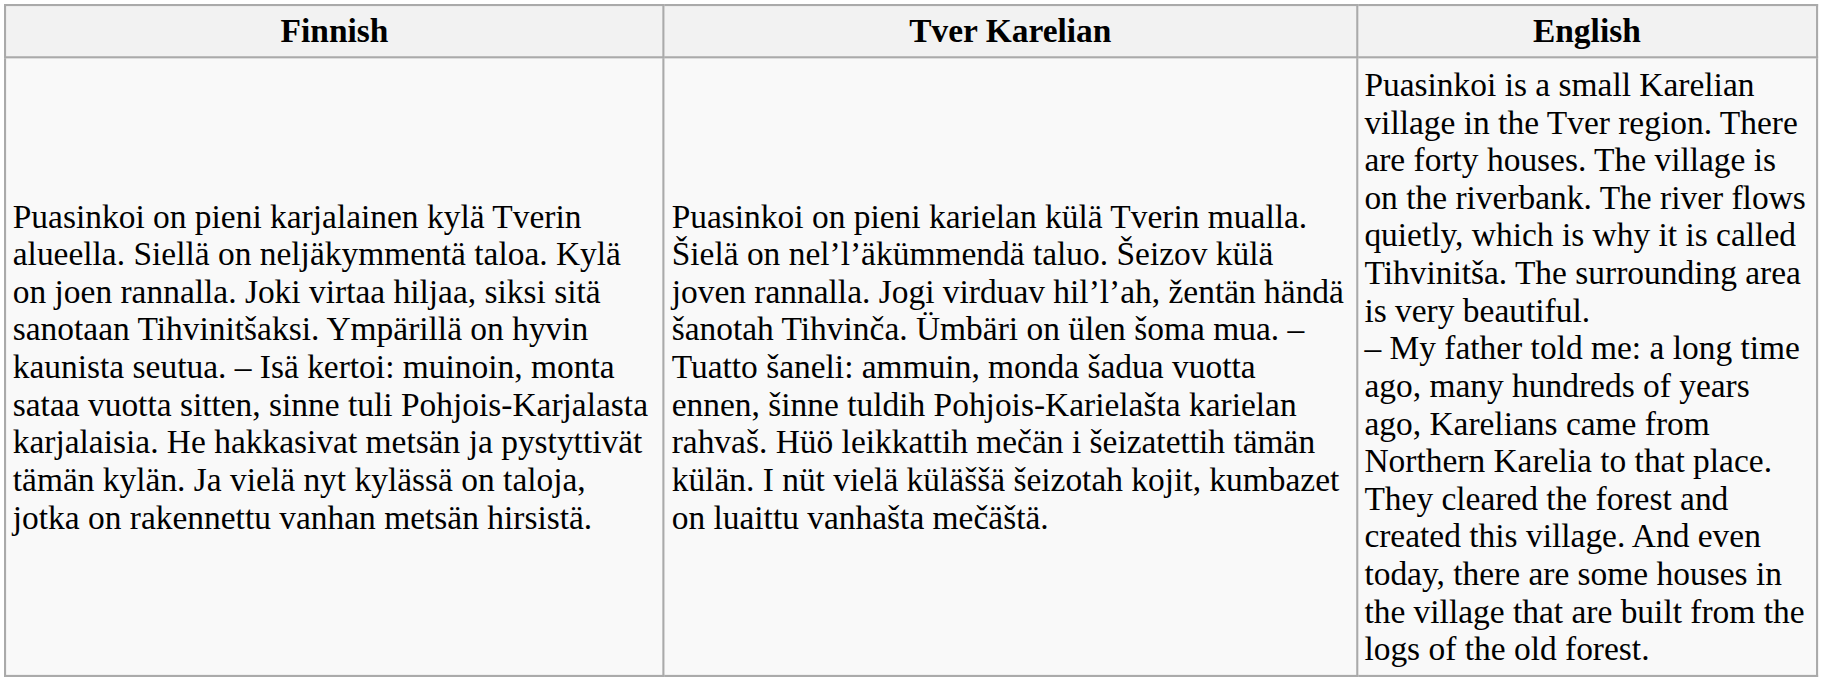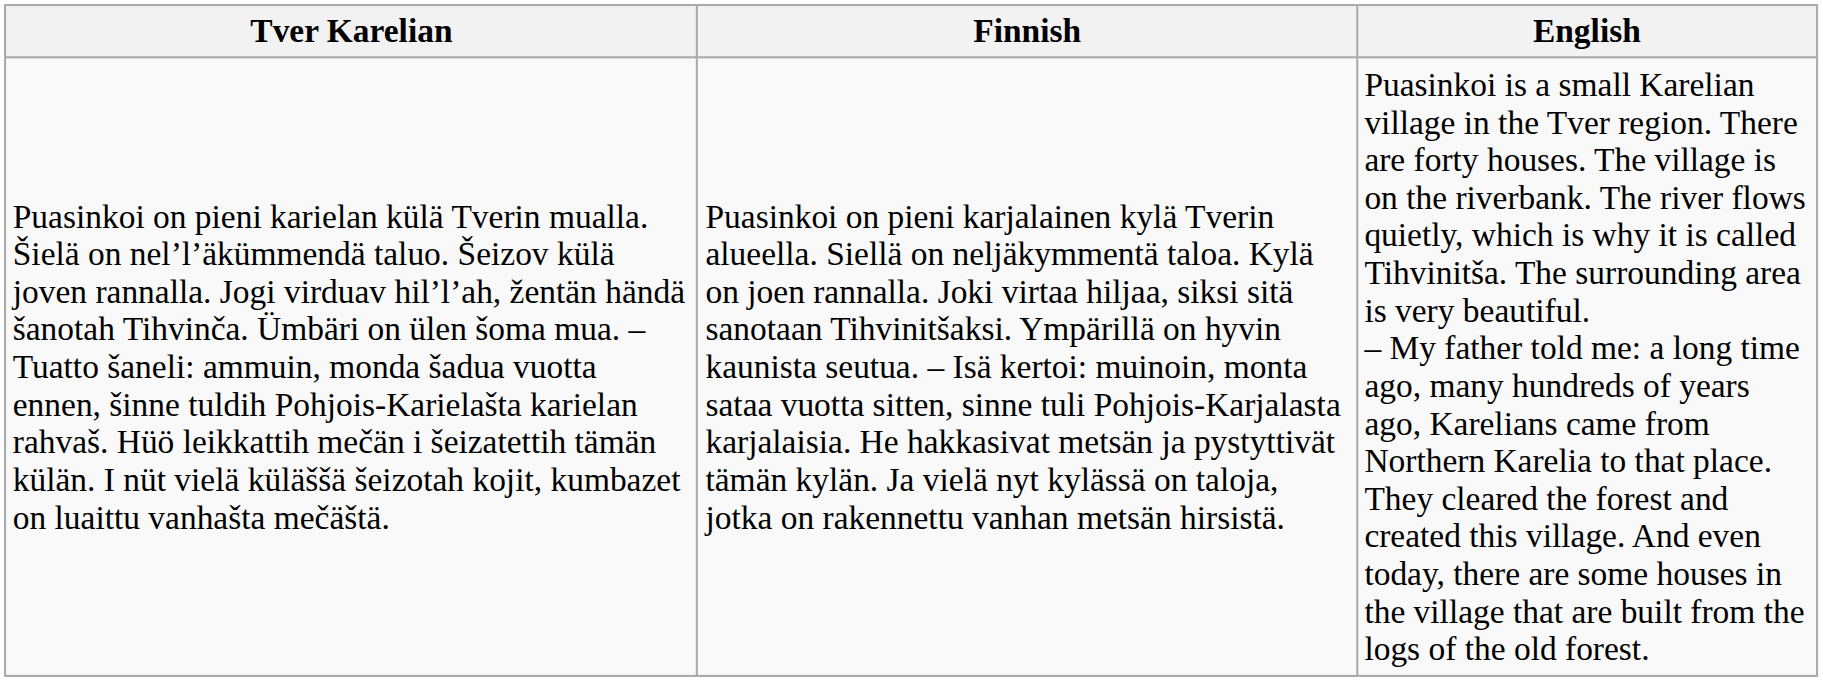 <table class="wikitable">
 <tr>
+<th>Tver Karelian</th>
 <th>Finnish</th>
-<th>Tver Karelian</th>
 <th>English</th>
 </tr>
 <tr>
+<td>Puasinkoi on pieni karielan külä Tverin mualla. Šielä on nel’l’äkümmendä taluo. Šeizov külä joven rannalla. Jogi virduav hil’l’ah, žentän händä šanotah Tihvinča. Ümbäri on ülen šoma mua. – Tuatto šaneli: ammuin, monda šadua vuotta ennen, šinne tuldih Pohjois-Karielašta karielan rahvaš. Hüö leikkattih mečän i šeizatettih tämän külän. I nüt vielä küläššä šeizotah kojit, kumbazet on luaittu vanhašta mečäštä.</td>
 <td>Puasinkoi on pieni karjalainen kylä Tverin alueella. Siellä on neljäkymmentä taloa. Kylä on joen rannalla. Joki virtaa hiljaa, siksi sitä sanotaan Tihvinitšaksi. Ympärillä on hyvin kaunista seutua. – Isä kertoi: muinoin, monta sataa vuotta sitten, sinne tuli Pohjois-Karjalasta karjalaisia. He hakkasivat metsän ja pystyttivät tämän kylän. Ja vielä nyt kylässä on taloja, jotka on rakennettu vanhan metsän hirsistä.</td>
-<td>Puasinkoi on pieni karielan külä Tverin mualla. Šielä on nel’l’äkümmendä taluo. Šeizov külä joven rannalla. Jogi virduav hil’l’ah, žentän händä šanotah Tihvinča. Ümbäri on ülen šoma mua. – Tuatto šaneli: ammuin, monda šadua vuotta ennen, šinne tuldih Pohjois-Karielašta karielan rahvaš. Hüö leikkattih mečän i šeizatettih tämän külän. I nüt vielä küläššä šeizotah kojit, kumbazet on luaittu vanhašta mečäštä.</td>
 <td>Puasinkoi is a small Karelian village in the Tver region. There are forty houses. The village is on the riverbank. The river flows quietly, which is why it is called Tihvinitša. The surrounding area is very beautiful.<br>– My father told me: a long time ago, many hundreds of years ago, Karelians came from Northern Karelia to that place. They cleared the forest and created this village. And even today, there are some houses in the village that are built from the logs of the old forest.</td>
 </tr>
 </table>
